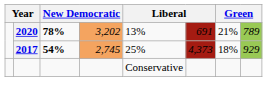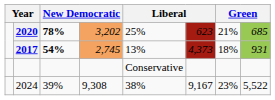 <table class="wikitable" style="width:400; font-size:90%; margin-left:1em;">
 <tr>
 <th colspan="2" scope="col">Year</th>
 <th colspan="2" scope="col"><a href='#'>New Democratic</a></th>
 <th colspan="2" scope="col">Liberal</th>
 <th colspan="2" scope="col"><a href='#'>Green</a></th>
 </tr>
 <tr>
 <td rowspan="2" style="width: 0.25em; background-color: "></td>
 <th><a href='#'>2020</a></th>
 <td><strong>78%</strong></td>
 <td style="text-align:right; background:#F4A460;"><em>3,202</em></td>
-<td><span> 13%</span></td>
-<td style="text-align:right; background:#A51B12;"><span> <em>691</em></span></td>
+<td><span> 25%</span></td>
+<td style="text-align:right; background:#A51B12;"><span> <em>623</em></span></td>
 <td>21%</td>
-<td style="text-align:right; background:#99C955;"><em>789</em></td>
+<td style="text-align:right; background:#99C955;"><em>685</em></td>
 </tr>
 <tr>
 <th><a href='#'>2017</a></th>
 <td><strong>54%</strong></td>
 <td style="text-align:right; background:#F4A460;"><em>2,745</em></td>
-<td><span> 25%</span></td>
+<td><span> 13%</span></td>
 <td style="text-align:right; background:#A51B12;"><span> <em>4,373</em></span></td>
 <td>18%</td>
-<td style="text-align:right; background:#99C955;"><em>929</em></td>
+<td style="text-align:right; background:#99C955;"><em>931</em></td>
 </tr>
 <tr>
 <td></td>
 <td></td>
 <td></td>
 <td></td>
 <td>Conservative</td>
 <td></td>
 <td></td>
 <td></td>
 </tr>
+<tr>
+<td></td>
+<td>2024</td>
+<td>39%</td>
+<td>9,308</td>
+<td>38%</td>
+<td>9,167</td>
+<td>23%</td>
+<td>5,522</td>
+</tr>
 </table>
